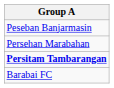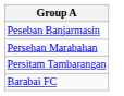 <table class="wikitable">
 <tr>
 <th><strong>Group A</strong></th>
 </tr>
 <tr>
 <td><a href='#'>Peseban Banjarmasin</a></td>
 </tr>
 <tr>
 <td><a href='#'>Persehan Marabahan</a></td>
 </tr>
 <tr>
-<td><strong><a href='#'>Persitam Tambarangan</a></strong></td>
+<td><a href='#'>Persitam Tambarangan</a></td>
 </tr>
 <tr>
 <td><a href='#'>Barabai FC</a></td>
 </tr>
 </table>
